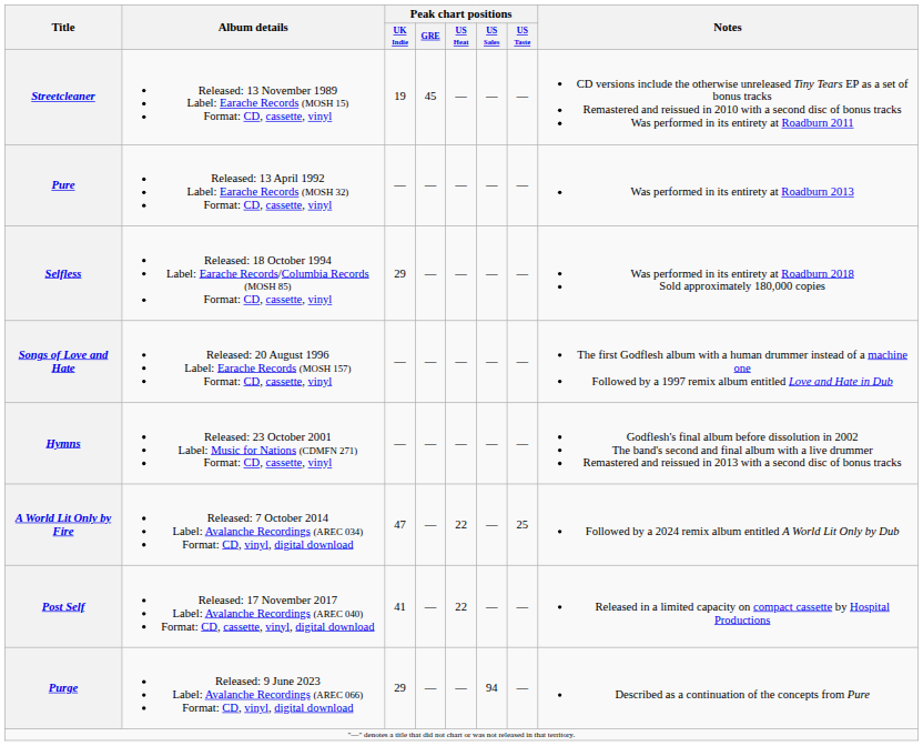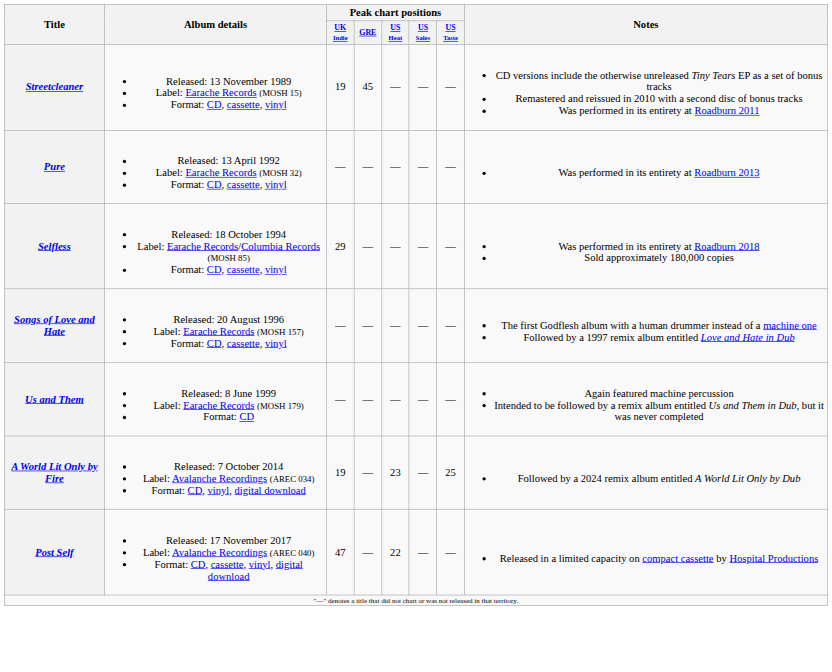 <table class="wikitable plainrowheaders" style="text-align:center;">
 <tr>
 <th scope="col" rowspan="2" style=width="20%">Title</th>
 <th scope="col" rowspan="2" style=width="25%">Album details</th>
 <th scope="col" colspan="5">Peak chart positions</th>
 <th scope="col" rowspan="2" style=width="50%">Notes</th>
 </tr>
 <tr>
 <th style="width:3em;font-size:75%;"><a href='#'>UK <small>Indie</small></a><br></th>
 <th style="width:3em;font-size:75%;"><a href='#'>GRE</a><br></th>
 <th style="width:3em;font-size:75%;"><a href='#'>US <small>Heat</small></a><br></th>
 <th style="width:3em;font-size:75%;"><a href='#'>US <small>Sales</small></a><br></th>
 <th style="width:3em;font-size:75%;"><a href='#'>US <small>Taste</small></a><br></th>
 </tr>
 <tr>
 <th scope="row"><em><a href='#'>Streetcleaner</a></em></th>
 <td><br><ul><li>Released: 13 November 1989</li><li>Label: <a href='#'>Earache Records</a> <small>(MOSH 15)</small></li><li>Format: <a href='#'>CD</a>, <a href='#'>cassette</a>, <a href='#'>vinyl</a></li></ul></td>
 <td align="center">19</td>
 <td align="center">45</td>
 <td align="center">—</td>
 <td align="center">—</td>
 <td align="center">—</td>
 <td><br><ul><li>CD versions include the otherwise unreleased <em>Tiny Tears</em> EP as a set of bonus tracks</li><li>Remastered and reissued in 2010 with a second disc of bonus tracks</li><li>Was performed in its entirety at <a href='#'>Roadburn 2011</a></li></ul></td>
 </tr>
 <tr>
 <th scope="row"><em><a href='#'>Pure</a></em></th>
 <td><br><ul><li>Released: 13 April 1992</li><li>Label: <a href='#'>Earache Records</a> <small>(MOSH 32)</small></li><li>Format: <a href='#'>CD</a>, <a href='#'>cassette</a>, <a href='#'>vinyl</a></li></ul></td>
 <td align="center">—</td>
 <td align="center">—</td>
 <td align="center">—</td>
 <td align="center">—</td>
 <td align="center">—</td>
 <td><br><ul><li>Was performed in its entirety at <a href='#'>Roadburn 2013</a></li></ul></td>
 </tr>
 <tr>
 <th scope="row"><em><a href='#'>Selfless</a></em></th>
 <td><br><ul><li>Released: 18 October 1994</li><li>Label: <a href='#'>Earache Records</a>/<a href='#'>Columbia Records</a> <small>(MOSH 85)</small></li><li>Format: <a href='#'>CD</a>, <a href='#'>cassette</a>, <a href='#'>vinyl</a></li></ul></td>
 <td align="center">29</td>
 <td align="center">—</td>
 <td align="center">—</td>
 <td align="center">—</td>
 <td align="center">—</td>
 <td><br><ul><li>Was performed in its entirety at <a href='#'>Roadburn 2018</a></li><li>Sold approximately 180,000 copies</li></ul></td>
 </tr>
 <tr>
 <th scope="row"><em><a href='#'>Songs of Love and Hate</a></em></th>
 <td><br><ul><li>Released: 20 August 1996</li><li>Label: <a href='#'>Earache Records</a> <small>(MOSH 157)</small></li><li>Format: <a href='#'>CD</a>, <a href='#'>cassette</a>, <a href='#'>vinyl</a></li></ul></td>
 <td align="center">—</td>
 <td align="center">—</td>
 <td align="center">—</td>
 <td align="center">—</td>
 <td align="center">—</td>
 <td><br><ul><li>The first Godflesh album with a human drummer instead of a <a href='#'>machine one</a></li><li>Followed by a 1997 remix album entitled <em><a href='#'>Love and Hate in Dub</a></em></li></ul></td>
 </tr>
 <tr>
-<th scope="row"><em><a href='#'>Hymns</a></em></th>
-<td><br><ul><li>Released: 23 October 2001</li><li>Label: <a href='#'>Music for Nations</a> <small>(CDMFN 271)</small></li><li>Format: <a href='#'>CD</a>, <a href='#'>cassette</a>, <a href='#'>vinyl</a></li></ul></td>
+<th scope="row"><em><a href='#'>Us and Them</a></em></th>
+<td><br><ul><li>Released: 8 June 1999</li><li>Label: <a href='#'>Earache Records</a> <small>(MOSH 179)</small></li><li>Format: <a href='#'>CD</a></li></ul></td>
 <td align="center">—</td>
 <td align="center">—</td>
 <td align="center">—</td>
 <td align="center">—</td>
 <td align="center">—</td>
-<td><br><ul><li>Godflesh's final album before dissolution in 2002</li><li>The band's second and final album with a live drummer</li><li>Remastered and reissued in 2013 with a second disc of bonus tracks</li></ul></td>
+<td><br><ul><li>Again featured machine percussion</li><li>Intended to be followed by a remix album entitled <em>Us and Them in Dub</em>, but it was never completed</li></ul></td>
 </tr>
 <tr>
 <th scope="row"><em><a href='#'>A World Lit Only by Fire</a></em></th>
 <td><br><ul><li>Released: 7 October 2014</li><li>Label: <a href='#'>Avalanche Recordings</a> <small>(AREC 034)</small></li><li>Format: <a href='#'>CD</a>, <a href='#'>vinyl</a>, <a href='#'>digital download</a></li></ul></td>
-<td align="center">47</td>
+<td align="center">19</td>
 <td align="center">—</td>
-<td align="center">22</td>
+<td align="center">23</td>
 <td align="center">—</td>
 <td align="center">25</td>
 <td><br><ul><li>Followed by a 2024 remix album entitled <em>A World Lit Only by Dub</em></li></ul></td>
 </tr>
 <tr>
 <th scope="row"><em><a href='#'>Post Self</a></em></th>
 <td><br><ul><li>Released: 17 November 2017</li><li>Label: <a href='#'>Avalanche Recordings</a> <small>(AREC 040)</small></li><li>Format: <a href='#'>CD</a>, <a href='#'>cassette</a>, <a href='#'>vinyl</a>, <a href='#'>digital download</a></li></ul></td>
-<td align="center">41</td>
+<td align="center">47</td>
 <td align="center">—</td>
 <td align="center">22</td>
 <td align="center">—</td>
 <td align="center">—</td>
 <td><br><ul><li>Released in a limited capacity on <a href='#'>compact cassette</a> by <a href='#'>Hospital Productions</a></li></ul></td>
 </tr>
 <tr>
-<th scope="row"><em><a href='#'>Purge</a></em></th>
-<td><br><ul><li>Released: 9 June 2023</li><li>Label: <a href='#'>Avalanche Recordings</a> <small>(AREC 066)</small></li><li>Format: <a href='#'>CD</a>, <a href='#'>vinyl</a>, <a href='#'>digital download</a></li></ul></td>
-<td align="center">29</td>
-<td align="center">—</td>
-<td align="center">—</td>
-<td align="center">94</td>
-<td align="center">—</td>
-<td><br><ul><li>Described as a continuation of the concepts from <em>Pure</em></li></ul></td>
-</tr>
-<tr>
 <td align="center" colspan="8" style="font-size: 8pt">"—" denotes a title that did not chart or was not released in that territory.</td>
 </tr>
 </table>
